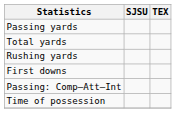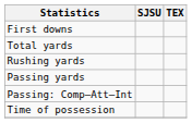 <table class="wikitable" style="float: left;">
 <tr>
 <th>Statistics</th>
 <th>SJSU</th>
 <th>TEX</th>
 </tr>
 <tr>
-<td>Passing yards</td>
+<td>First downs</td>
 <td></td>
 <td></td>
 </tr>
 <tr>
 <td>Total yards</td>
 <td></td>
 <td></td>
 </tr>
 <tr>
 <td>Rushing yards</td>
 <td></td>
 <td></td>
 </tr>
 <tr>
-<td>First downs</td>
+<td>Passing yards</td>
 <td></td>
 <td></td>
 </tr>
 <tr>
 <td>Passing: Comp–Att–Int</td>
 <td></td>
 <td></td>
 </tr>
 <tr>
 <td>Time of possession</td>
 <td></td>
 <td></td>
 </tr>
 <tr>
 </tr>
 </table>
